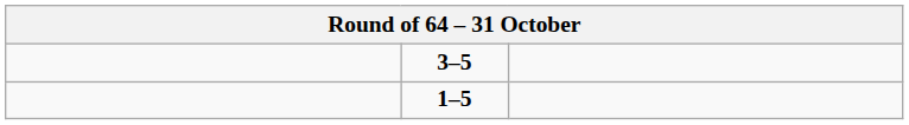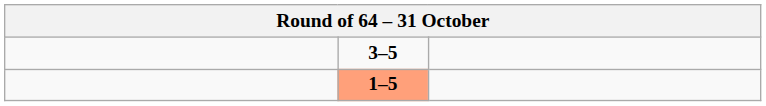 <table class="wikitable" style="text-align: center; font-size:90% ">
 <tr>
 <th colspan=3>Round of 64 – 31 October</th>
 </tr>
 <tr>
 <td align=left width="240"></td>
 <td align=center width="60"><strong>3–5</strong></td>
 <td align=left width="240"><strong></strong></td>
 </tr>
 <tr>
 <td align=left></td>
-<td align=center><strong>1–5</strong></td>
+<td align=center style="background: lightsalmon;"><strong>1–5</strong></td>
 <td align=left><strong></strong></td>
 </tr>
 </table>
